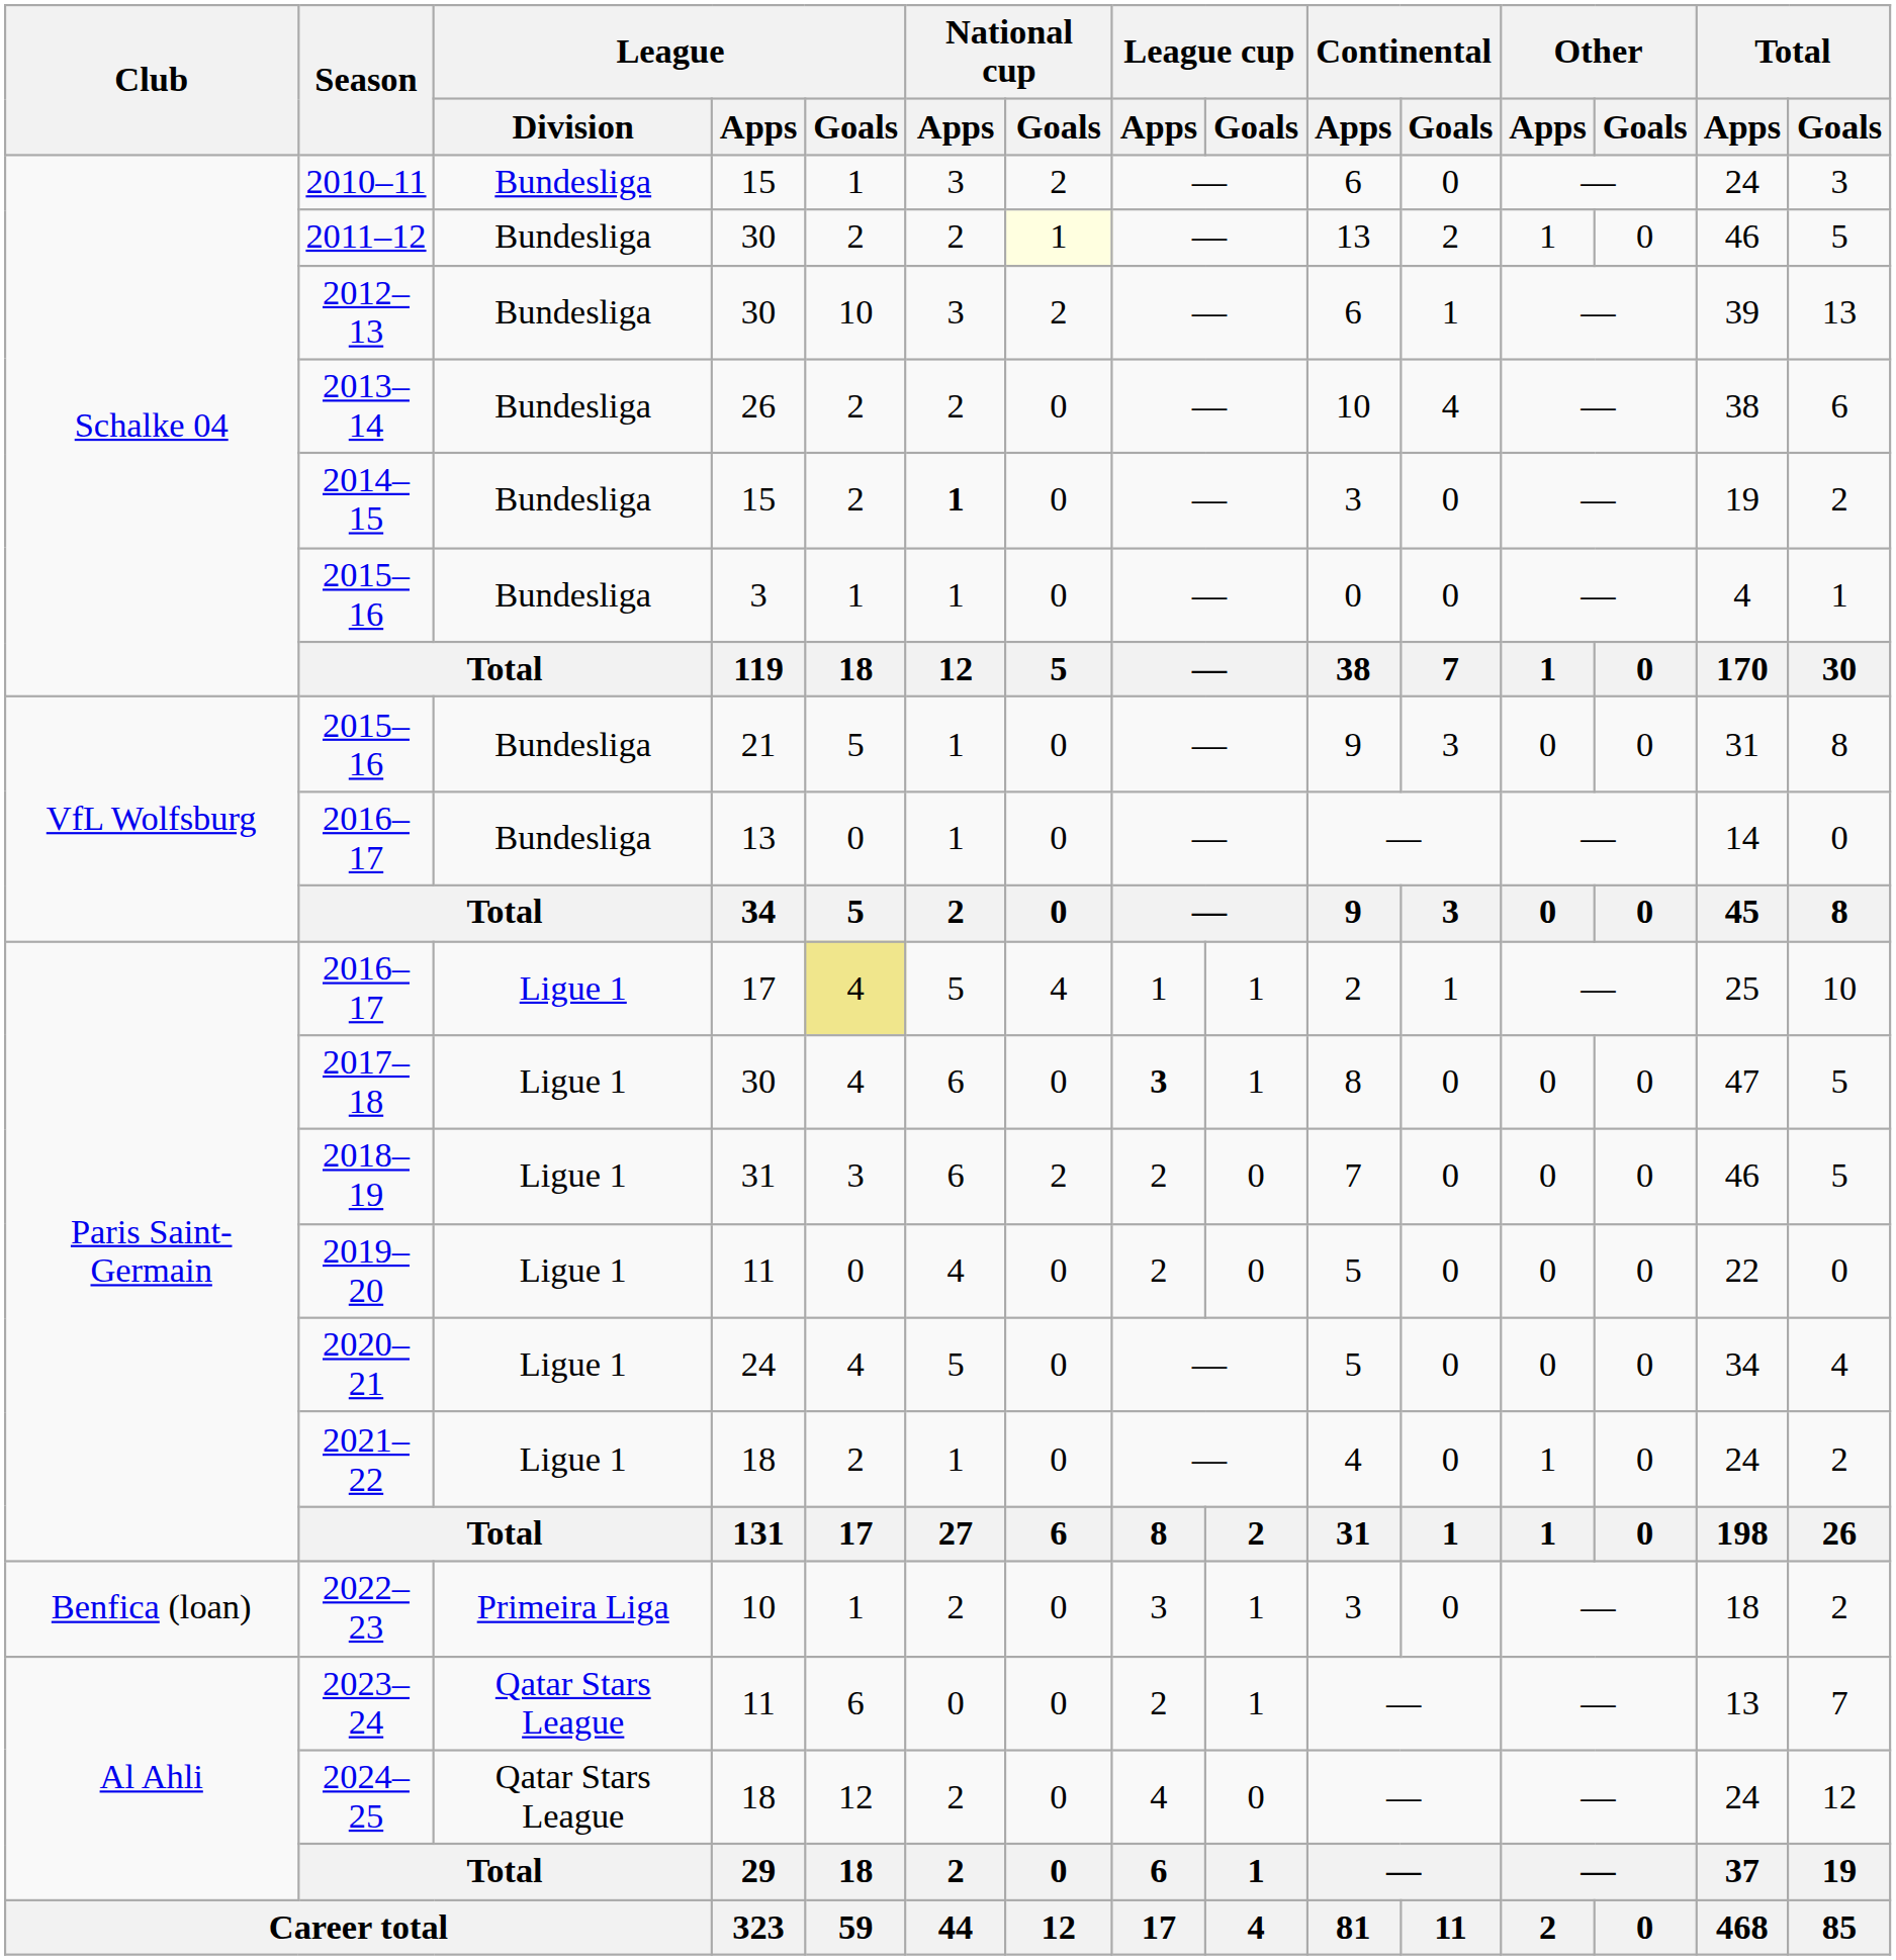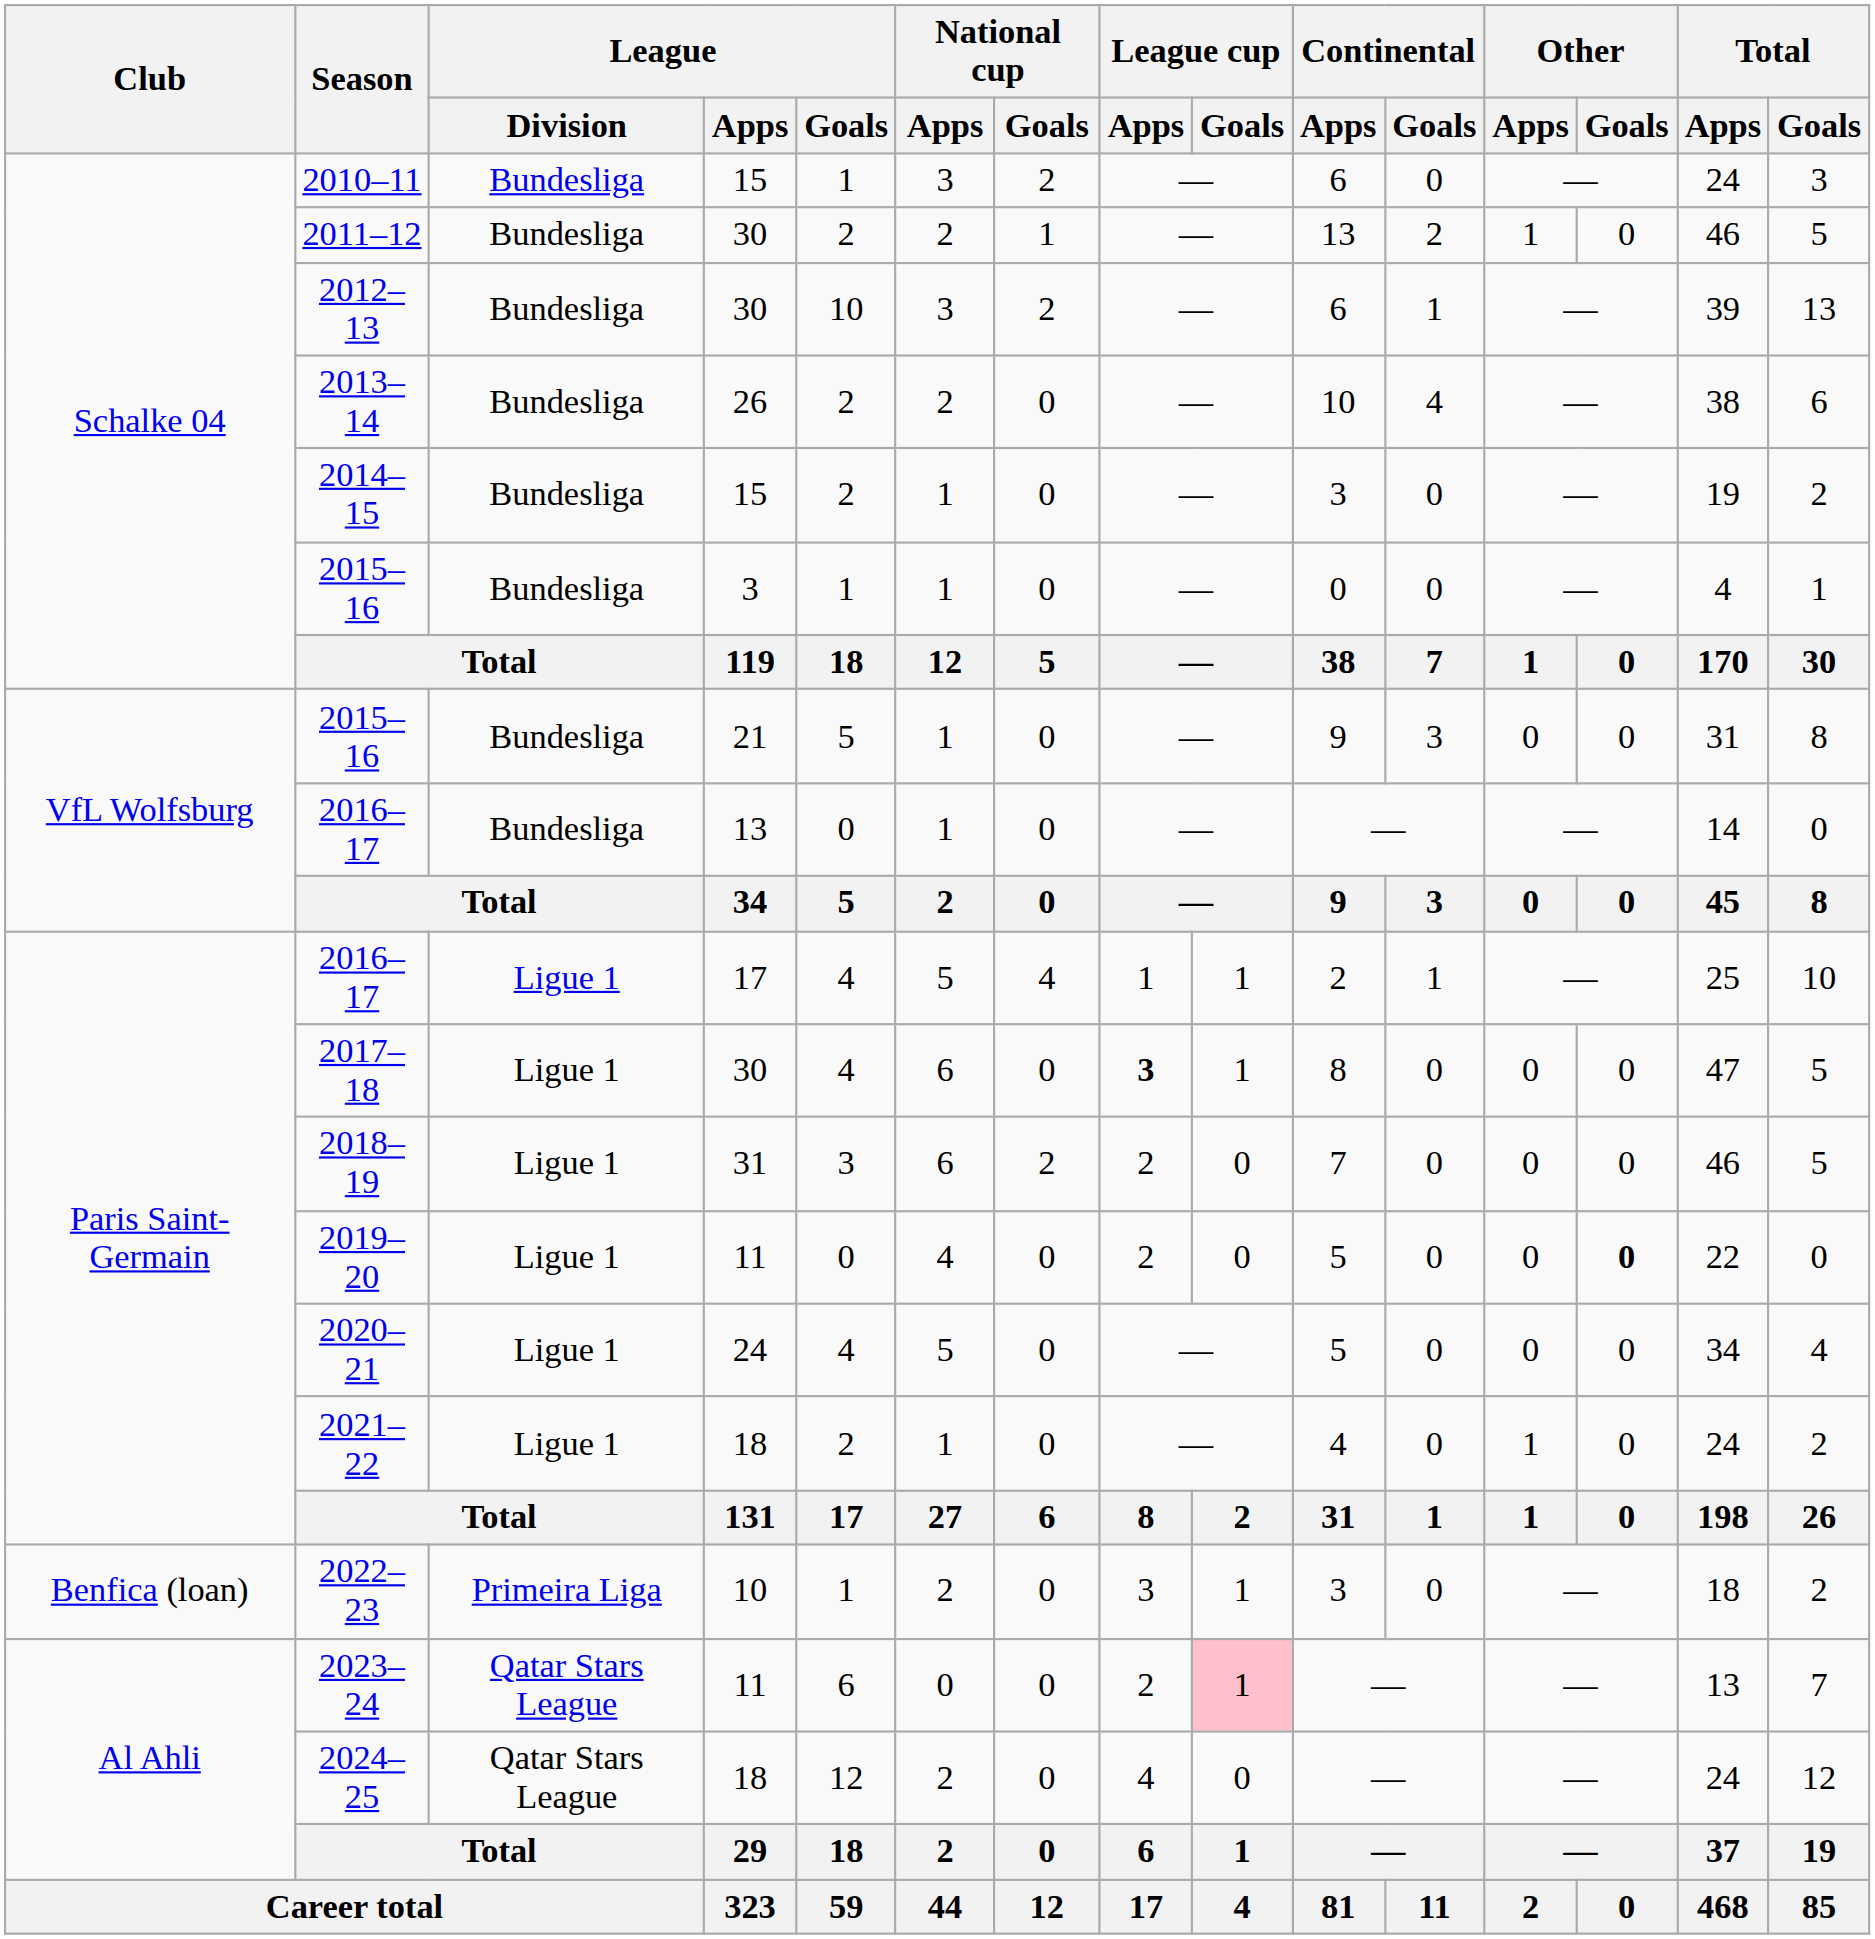 <table class="wikitable" style="text-align:center">
 <tr>
 <th rowspan="2">Club</th>
 <th rowspan="2">Season</th>
 <th colspan="3">League</th>
 <th colspan="2">National cup</th>
 <th colspan="2">League cup</th>
 <th colspan="2">Continental</th>
 <th colspan="2">Other</th>
 <th colspan="2">Total</th>
 </tr>
 <tr>
 <th>Division</th>
 <th>Apps</th>
 <th>Goals</th>
 <th>Apps</th>
 <th>Goals</th>
 <th>Apps</th>
 <th>Goals</th>
 <th>Apps</th>
 <th>Goals</th>
 <th>Apps</th>
 <th>Goals</th>
 <th>Apps</th>
 <th>Goals</th>
 </tr>
 <tr>
 <td rowspan="7"><a href='#'>Schalke 04</a></td>
 <td><a href='#'>2010–11</a></td>
 <td><a href='#'>Bundesliga</a></td>
 <td>15</td>
 <td>1</td>
 <td>3</td>
 <td>2</td>
 <td colspan="2">—</td>
 <td>6</td>
 <td>0</td>
 <td colspan="2">—</td>
 <td>24</td>
 <td>3</td>
 </tr>
 <tr>
 <td><a href='#'>2011–12</a></td>
 <td>Bundesliga</td>
 <td>30</td>
 <td>2</td>
 <td>2</td>
-<td style="background: lightyellow;">1</td>
+<td>1</td>
 <td colspan="2">—</td>
 <td>13</td>
 <td>2</td>
 <td>1</td>
 <td>0</td>
 <td>46</td>
 <td>5</td>
 </tr>
 <tr>
 <td><a href='#'>2012–13</a></td>
 <td>Bundesliga</td>
 <td>30</td>
 <td>10</td>
 <td>3</td>
 <td>2</td>
 <td colspan="2">—</td>
 <td>6</td>
 <td>1</td>
 <td colspan="2">—</td>
 <td>39</td>
 <td>13</td>
 </tr>
 <tr>
 <td><a href='#'>2013–14</a></td>
 <td>Bundesliga</td>
 <td>26</td>
 <td>2</td>
 <td>2</td>
 <td>0</td>
 <td colspan="2">—</td>
 <td>10</td>
 <td>4</td>
 <td colspan="2">—</td>
 <td>38</td>
 <td>6</td>
 </tr>
 <tr>
 <td><a href='#'>2014–15</a></td>
 <td>Bundesliga</td>
 <td>15</td>
 <td>2</td>
-<td><strong>1</strong></td>
+<td>1</td>
 <td>0</td>
 <td colspan="2">—</td>
 <td>3</td>
 <td>0</td>
 <td colspan="2">—</td>
 <td>19</td>
 <td>2</td>
 </tr>
 <tr>
 <td><a href='#'>2015–16</a></td>
 <td>Bundesliga</td>
 <td>3</td>
 <td>1</td>
 <td>1</td>
 <td>0</td>
 <td colspan="2">—</td>
 <td>0</td>
 <td>0</td>
 <td colspan="2">—</td>
 <td>4</td>
 <td>1</td>
 </tr>
 <tr>
 <th colspan="2">Total</th>
 <th>119</th>
 <th>18</th>
 <th>12</th>
 <th>5</th>
 <th colspan="2">—</th>
 <th>38</th>
 <th>7</th>
 <th>1</th>
 <th>0</th>
 <th>170</th>
 <th>30</th>
 </tr>
 <tr>
 <td rowspan="3"><a href='#'>VfL Wolfsburg</a></td>
 <td><a href='#'>2015–16</a></td>
 <td>Bundesliga</td>
 <td>21</td>
 <td>5</td>
 <td>1</td>
 <td>0</td>
 <td colspan="2">—</td>
 <td>9</td>
 <td>3</td>
 <td>0</td>
 <td>0</td>
 <td>31</td>
 <td>8</td>
 </tr>
 <tr>
 <td><a href='#'>2016–17</a></td>
 <td>Bundesliga</td>
 <td>13</td>
 <td>0</td>
 <td>1</td>
 <td>0</td>
 <td colspan="2">—</td>
 <td colspan="2">—</td>
 <td colspan="2">—</td>
 <td>14</td>
 <td>0</td>
 </tr>
 <tr>
 <th colspan="2">Total</th>
 <th>34</th>
 <th>5</th>
 <th>2</th>
 <th>0</th>
 <th colspan="2">—</th>
 <th>9</th>
 <th>3</th>
 <th>0</th>
 <th>0</th>
 <th>45</th>
 <th>8</th>
 </tr>
 <tr>
 <td rowspan="7"><a href='#'>Paris Saint-Germain</a></td>
 <td><a href='#'>2016–17</a></td>
 <td><a href='#'>Ligue 1</a></td>
 <td>17</td>
-<td style="background: khaki;">4</td>
+<td>4</td>
 <td>5</td>
 <td>4</td>
 <td>1</td>
 <td>1</td>
 <td>2</td>
 <td>1</td>
 <td colspan="2">—</td>
 <td>25</td>
 <td>10</td>
 </tr>
 <tr>
 <td><a href='#'>2017–18</a></td>
 <td>Ligue 1</td>
 <td>30</td>
 <td>4</td>
 <td>6</td>
 <td>0</td>
 <td><strong>3</strong></td>
 <td>1</td>
 <td>8</td>
 <td>0</td>
 <td>0</td>
 <td>0</td>
 <td>47</td>
 <td>5</td>
 </tr>
 <tr>
 <td><a href='#'>2018–19</a></td>
 <td>Ligue 1</td>
 <td>31</td>
 <td>3</td>
 <td>6</td>
 <td>2</td>
 <td>2</td>
 <td>0</td>
 <td>7</td>
 <td>0</td>
 <td>0</td>
 <td>0</td>
 <td>46</td>
 <td>5</td>
 </tr>
 <tr>
 <td><a href='#'>2019–20</a></td>
 <td>Ligue 1</td>
 <td>11</td>
 <td>0</td>
 <td>4</td>
 <td>0</td>
 <td>2</td>
 <td>0</td>
 <td>5</td>
 <td>0</td>
 <td>0</td>
-<td>0</td>
+<td><strong>0</strong></td>
 <td>22</td>
 <td>0</td>
 </tr>
 <tr>
 <td><a href='#'>2020–21</a></td>
 <td>Ligue 1</td>
 <td>24</td>
 <td>4</td>
 <td>5</td>
 <td>0</td>
 <td colspan="2">—</td>
 <td>5</td>
 <td>0</td>
 <td>0</td>
 <td>0</td>
 <td>34</td>
 <td>4</td>
 </tr>
 <tr>
 <td><a href='#'>2021–22</a></td>
 <td>Ligue 1</td>
 <td>18</td>
 <td>2</td>
 <td>1</td>
 <td>0</td>
 <td colspan="2">—</td>
 <td>4</td>
 <td>0</td>
 <td>1</td>
 <td>0</td>
 <td>24</td>
 <td>2</td>
 </tr>
 <tr>
 <th colspan="2">Total</th>
 <th>131</th>
 <th>17</th>
 <th>27</th>
 <th>6</th>
 <th>8</th>
 <th>2</th>
 <th>31</th>
 <th>1</th>
 <th>1</th>
 <th>0</th>
 <th>198</th>
 <th>26</th>
 </tr>
 <tr>
 <td><a href='#'>Benfica</a> (loan)</td>
 <td><a href='#'>2022–23</a></td>
 <td><a href='#'>Primeira Liga</a></td>
 <td>10</td>
 <td>1</td>
 <td>2</td>
 <td>0</td>
 <td>3</td>
 <td>1</td>
 <td>3</td>
 <td>0</td>
 <td colspan="2">—</td>
 <td>18</td>
 <td>2</td>
 </tr>
 <tr>
 <td rowspan="3"><a href='#'>Al Ahli</a></td>
 <td><a href='#'>2023–24</a></td>
 <td><a href='#'>Qatar Stars League</a></td>
 <td>11</td>
 <td>6</td>
 <td>0</td>
 <td>0</td>
 <td>2</td>
-<td>1</td>
+<td style="background: pink;">1</td>
 <td colspan="2">—</td>
 <td colspan="2">—</td>
 <td>13</td>
 <td>7</td>
 </tr>
 <tr>
 <td><a href='#'>2024–25</a></td>
 <td>Qatar Stars League</td>
 <td>18</td>
 <td>12</td>
 <td>2</td>
 <td>0</td>
 <td>4</td>
 <td>0</td>
 <td colspan="2">—</td>
 <td colspan="2">—</td>
 <td>24</td>
 <td>12</td>
 </tr>
 <tr>
 <th colspan="2">Total</th>
 <th>29</th>
 <th>18</th>
 <th>2</th>
 <th>0</th>
 <th>6</th>
 <th>1</th>
 <th colspan="2">—</th>
 <th colspan="2">—</th>
 <th>37</th>
 <th>19</th>
 </tr>
 <tr>
 <th colspan="3">Career total</th>
 <th>323</th>
 <th>59</th>
 <th>44</th>
 <th>12</th>
 <th>17</th>
 <th>4</th>
 <th>81</th>
 <th>11</th>
 <th>2</th>
 <th>0</th>
 <th>468</th>
 <th>85</th>
 </tr>
 </table>
